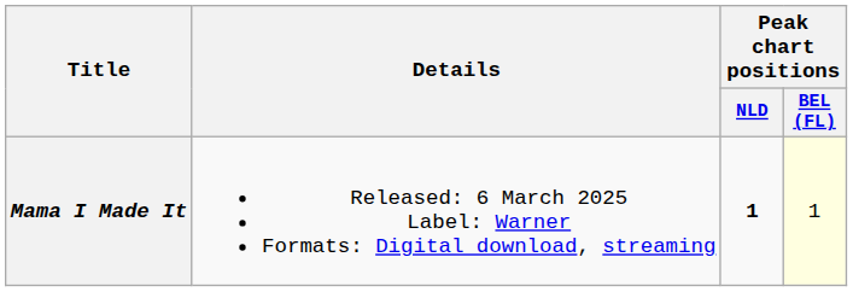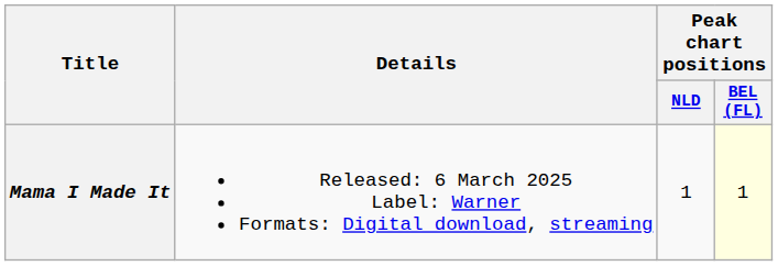 <table class="wikitable plainrowheaders" style="text-align:center">
 <tr>
 <th scope="col" rowspan="2">Title</th>
 <th scope="col" rowspan="2">Details</th>
 <th scope="col" colspan="2">Peak chart positions</th>
 </tr>
 <tr>
 <th scope="col" style="width:3em; font-size:85%"><a href='#'>NLD</a><br></th>
 <th scope="col" style="width:3em; font-size:85%"><a href='#'>BEL<br>(FL)</a><br></th>
 </tr>
 <tr>
 <th scope="row"><em>Mama I Made It</em></th>
 <td><br><ul><li>Released: 6 March 2025</li><li>Label: <a href='#'>Warner</a></li><li>Formats: <a href='#'>Digital download</a>, <a href='#'>streaming</a></li></ul></td>
-<td><strong>1</strong></td>
+<td>1</td>
 <td style="background: lightyellow;">1</td>
 </tr>
 </table>
